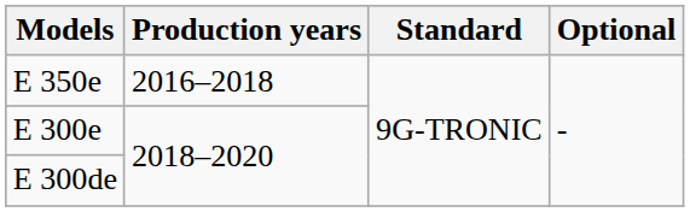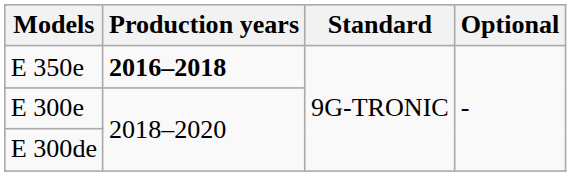 <table class="wikitable">
 <tr>
 <th>Models</th>
 <th>Production years</th>
 <th>Standard</th>
 <th>Optional</th>
 </tr>
 <tr>
 <td>E 350e</td>
-<td>2016–2018</td>
+<td><strong>2016–2018</strong></td>
 <td rowspan="3">9G-TRONIC</td>
 <td rowspan="3">-</td>
 </tr>
 <tr>
 <td>E 300e</td>
 <td rowspan="2">2018–2020</td>
 </tr>
 <tr>
 <td>E 300de</td>
 </tr>
 </table>
